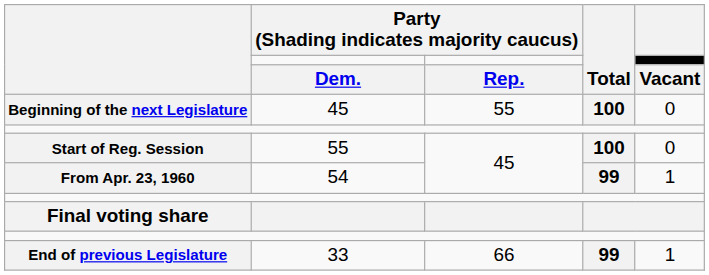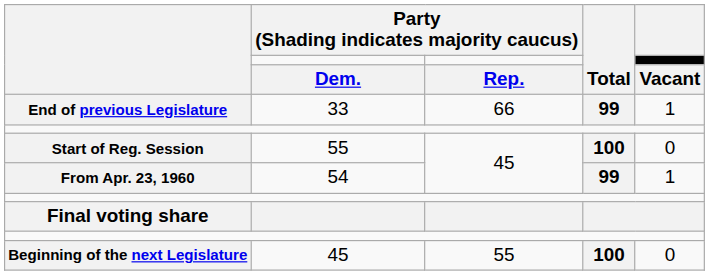 <table class=wikitable style="text-align:center">
 <tr style="vertical-align:bottom;">
 <th rowspan=3></th>
 <th colspan=2>Party <div>(Shading indicates majority caucus)</div></th>
 <th rowspan=3>Total</th>
 <th></th>
 </tr>
 <tr style="height:5px">
 <td style="background-color:"></td>
 <td style="background-color:"></td>
 <td style="background:black;"></td>
 </tr>
 <tr>
 <th><a href='#'>Dem.</a></th>
 <th><a href='#'>Rep.</a></th>
 <th>Vacant</th>
 </tr>
 <tr>
-<th style="font-size:80%;">Beginning of the <a href='#'>next Legislature</a></th>
-<td>45</td>
-<td>55</td>
-<th>100</th>
-<td>0</td>
+<th style="font-size:80%;">End of <a href='#'>previous Legislature</a></th>
+<td>33</td>
+<td>66</td>
+<th>99</th>
+<td>1</td>
 </tr>
 <tr>
 <td colspan=5></td>
 </tr>
 <tr>
 <th style="font-size:80%;">Start of Reg. Session</th>
 <td>55</td>
 <td rowspan="2">45</td>
 <th>100</th>
 <td>0</td>
 </tr>
 <tr>
 <th style="font-size:80%;">From Apr. 23, 1960</th>
 <td>54</td>
 <th>99</th>
 <td>1</td>
 </tr>
 <tr>
 <td colspan=5></td>
 </tr>
 <tr>
 <th>Final voting share</th>
 <th></th>
 <th></th>
 <th colspan=2></th>
 </tr>
 <tr>
 <td colspan=5></td>
 </tr>
 <tr>
-<th style="font-size:80%;">End of <a href='#'>previous Legislature</a></th>
-<td>33</td>
-<td>66</td>
-<th>99</th>
-<td>1</td>
+<th style="font-size:80%;">Beginning of the <a href='#'>next Legislature</a></th>
+<td>45</td>
+<td>55</td>
+<th>100</th>
+<td>0</td>
 </tr>
 </table>
